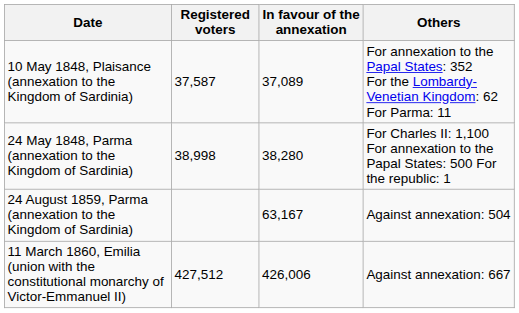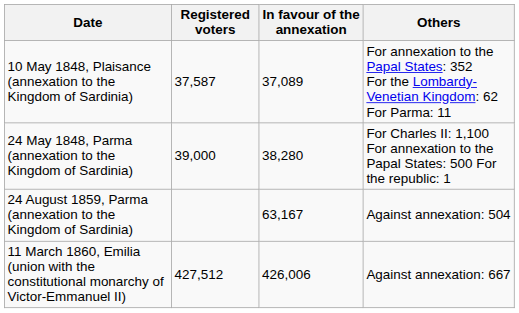 <table class="wikitable">
 <tr>
 <th>Date</th>
 <th>Registered voters</th>
 <th><strong>In favour of the annexation</strong></th>
 <th>Others</th>
 </tr>
 <tr>
 <td>10 May 1848, Plaisance (annexation to the Kingdom of Sardinia)</td>
 <td>37,587</td>
 <td>37,089</td>
 <td>For annexation to the <a href='#'>Papal States</a>: 352<br>For the <a href='#'>Lombardy-Venetian Kingdom</a>: 62<br>For Parma: 11</td>
 </tr>
 <tr>
 <td>24 May 1848, Parma<br>(annexation to the Kingdom of Sardinia)</td>
-<td>38,998</td>
+<td>39,000</td>
 <td>38,280</td>
 <td>For Charles II: 1,100<br>For annexation to the Papal States: 500 For the republic: 1</td>
 </tr>
 <tr>
 <td>24 August 1859, Parma<br>(annexation to the Kingdom of Sardinia)</td>
 <td></td>
 <td>63,167</td>
 <td>Against annexation: 504</td>
 </tr>
 <tr>
 <td>11 March 1860, Emilia<br>(union with the constitutional monarchy of Victor-Emmanuel II)</td>
 <td>427,512</td>
 <td>426,006</td>
 <td>Against annexation: 667</td>
 </tr>
 </table>
